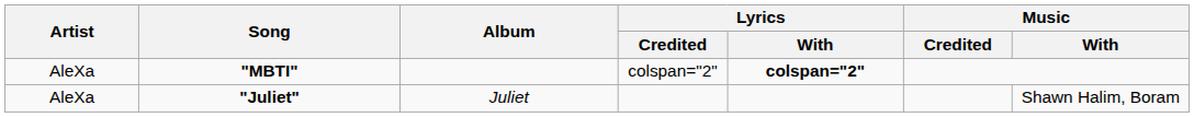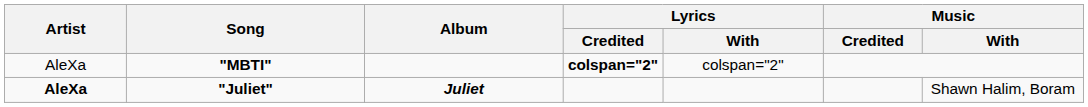 <table class="wikitable" style="text-align:center;">
 <tr>
 <th rowspan="2" style="width:7.5em;">Artist</th>
 <th rowspan="2" style="width:15em;">Song</th>
 <th rowspan="2" style="width:12.5em;">Album</th>
 <th colspan="2" style="width:16em;">Lyrics</th>
 <th colspan="2" style="width:16em;">Music</th>
 </tr>
 <tr>
 <th style="width:6em;">Credited</th>
 <th style="width:10em;">With</th>
 <th style="width:6em;">Credited</th>
 <th style="width:10em;">With</th>
 </tr>
 <tr>
 <td>AleXa </td>
 <td><strong>"MBTI"</strong></td>
 <td></td>
+<td><strong>colspan="2" </strong></td>
 <td>colspan="2" </td>
-<td><strong>colspan="2" </strong></td>
 </tr>
 <tr>
-<td>AleXa</td>
+<td><strong>AleXa</strong></td>
 <td><strong>"Juliet"</strong></td>
-<td><em>Juliet</em></td>
+<td><strong><em>Juliet</em></strong></td>
 <td></td>
 <td></td>
 <td></td>
 <td>Shawn Halim, Boram</td>
 </tr>
 </table>
